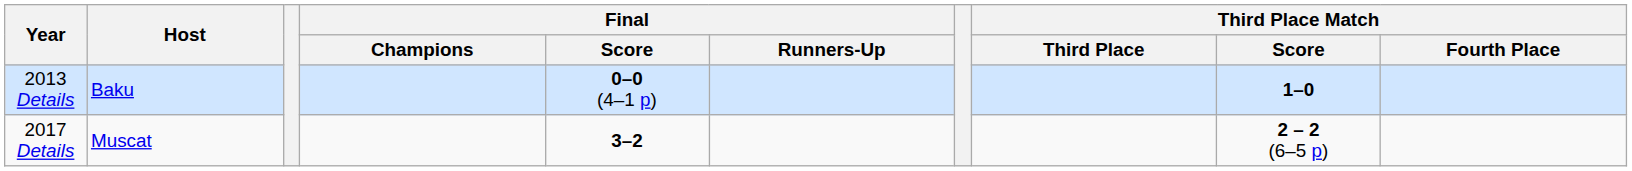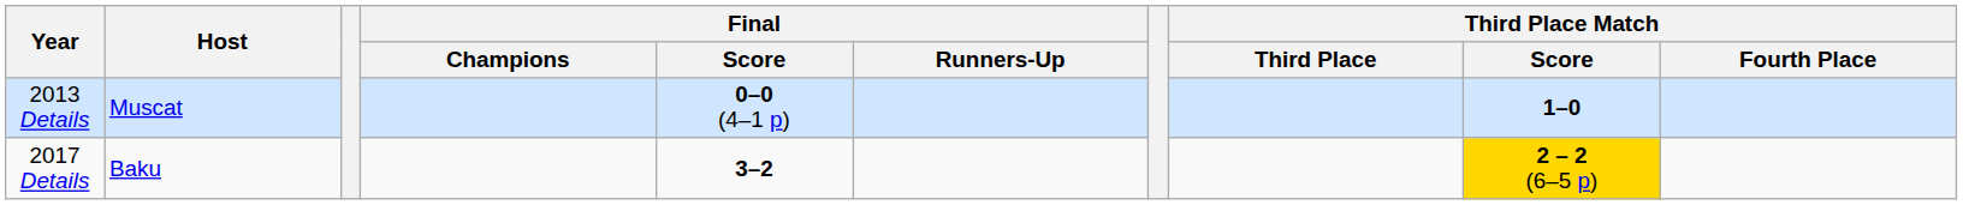 <table class="wikitable" style="font-size: 90%; text-align: center; width: 98%;">
 <tr>
 <th rowspan="2" width="5%">Year</th>
 <th rowspan="2" width="12%">Host</th>
 <th width=1% rowspan=47 bgcolor=ffffff></th>
 <th colspan="3">Final</th>
 <th width=1% rowspan=47 bgcolor=ffffff></th>
 <th colspan="3">Third Place Match</th>
 </tr>
 <tr>
 <th width="15%">Champions</th>
 <th width="10%">Score</th>
 <th width="15%">Runners-Up</th>
 <th width="15%">Third Place</th>
 <th width="10%">Score</th>
 <th width="15%">Fourth Place</th>
 </tr>
 <tr style="background: #D0E6FF;">
 <td>2013<br><em><a href='#'>Details</a></em></td>
-<td align=left> <a href='#'>Baku</a></td>
+<td align=left> <a href='#'>Muscat</a></td>
 <td><strong></strong></td>
 <td><strong>0–0</strong><br> (4–1 <a href='#'>p</a>)</td>
 <td></td>
 <td></td>
 <td><strong>1–0</strong></td>
 <td></td>
 </tr>
 <tr>
 <td>2017<br><em><a href='#'>Details</a></em></td>
-<td align=left> <a href='#'>Muscat</a></td>
+<td align=left> <a href='#'>Baku</a></td>
 <td><strong></strong></td>
 <td><strong>3–2</strong></td>
 <td></td>
 <td></td>
-<td><strong>2 – 2</strong><br> (6–5 <a href='#'>p</a>)</td>
+<td style="background: gold;"><strong>2 – 2</strong><br> (6–5 <a href='#'>p</a>)</td>
 <td></td>
 </tr>
 </table>
